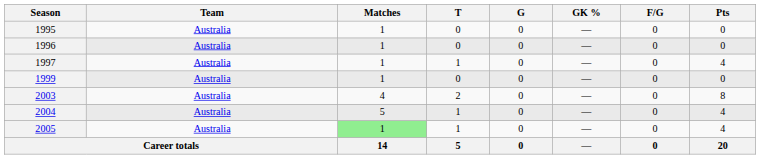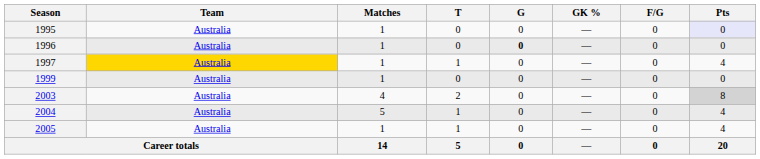 <table class="wikitable sortable"  style="font-size:90%; text-align:center; width:85%;">
 <tr>
 <th width=2%>Season</th>
 <th width=8%>Team</th>
 <th width=2%>Matches</th>
 <th width=2%>T</th>
 <th width=2%>G</th>
 <th width=2%>GK %</th>
 <th width=2%>F/G</th>
 <th width=2%>Pts</th>
 </tr>
 <tr>
 <th scope="row" style="text-align:center; font-weight:normal">1995</th>
 <td style="text-align:center;"> <a href='#'>Australia</a></td>
 <td>1</td>
 <td>0</td>
 <td>0</td>
 <td>—</td>
 <td>0</td>
-<td>0</td>
+<td style="background: lavender;">0</td>
 </tr>
 <tr style="background-color: #EAEAEA">
 <th scope="row" style="text-align:center; font-weight:normal">1996</th>
 <td style="text-align:center;"> <a href='#'>Australia</a></td>
 <td>1</td>
 <td>0</td>
-<td>0</td>
+<td><strong>0</strong></td>
 <td>—</td>
 <td>0</td>
 <td>0</td>
 </tr>
 <tr>
 <th scope="row" style="text-align:center; font-weight:normal">1997</th>
-<td style="text-align:center;"> <a href='#'>Australia</a></td>
+<td style="background: gold; text-align:center;"> <a href='#'>Australia</a></td>
 <td>1</td>
 <td>1</td>
 <td>0</td>
 <td>—</td>
 <td>0</td>
 <td>4</td>
 </tr>
 <tr style="background-color: #EAEAEA">
 <th scope="row" style="text-align:center; font-weight:normal"><a href='#'>1999</a></th>
 <td style="text-align:center;"> <a href='#'>Australia</a></td>
 <td>1</td>
 <td>0</td>
 <td>0</td>
 <td>—</td>
 <td>0</td>
 <td>0</td>
 </tr>
 <tr>
 <th scope="row" style="text-align:center; font-weight:normal"><a href='#'>2003</a></th>
 <td style="text-align:center;"> <a href='#'>Australia</a></td>
 <td>4</td>
 <td>2</td>
 <td>0</td>
 <td>—</td>
 <td>0</td>
-<td>8</td>
+<td style="background: lightgrey;">8</td>
 </tr>
 <tr style="background-color: #EAEAEA">
 <th scope="row" style="text-align:center; font-weight:normal"><a href='#'>2004</a></th>
 <td style="text-align:center;"> <a href='#'>Australia</a></td>
 <td>5</td>
 <td>1</td>
 <td>0</td>
 <td>—</td>
 <td>0</td>
 <td>4</td>
 </tr>
 <tr>
 <th scope="row" style="text-align:center; font-weight:normal"><a href='#'>2005</a></th>
 <td style="text-align:center;"> <a href='#'>Australia</a></td>
-<td style="background: lightgreen;">1</td>
+<td>1</td>
 <td>1</td>
 <td>0</td>
 <td>—</td>
 <td>0</td>
 <td>4</td>
 </tr>
 <tr class="sortbottom">
 <th colspan=2>Career totals</th>
 <th>14</th>
 <th>5</th>
 <th>0</th>
 <th>—</th>
 <th>0</th>
 <th>20</th>
 </tr>
 </table>
